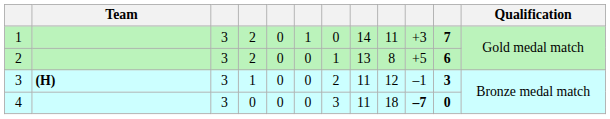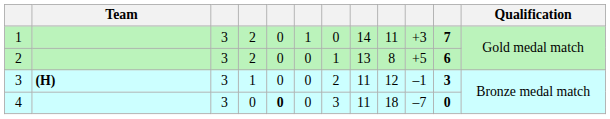 <table class="wikitable" style="font-size: 100%">
 <tr>
 <th width="25"></th>
 <th width="200">Team</th>
 <th width="25"></th>
 <th width="25"></th>
 <th width="25"></th>
 <th width="25"></th>
 <th width="25"></th>
 <th width="25"></th>
 <th width="25"></th>
 <th width="25"></th>
 <th width="25"></th>
 <th width="160">Qualification</th>
 </tr>
 <tr align=center bgcolor=#bbf3bb>
 <td>1</td>
 <td align=left></td>
 <td>3</td>
 <td>2</td>
 <td>0</td>
 <td>1</td>
 <td>0</td>
 <td>14</td>
 <td>11</td>
 <td>+3</td>
 <td><strong>7</strong></td>
 <td rowspan=2>Gold medal match</td>
 </tr>
 <tr align=center bgcolor=#bbf3bb>
 <td>2</td>
 <td align=left></td>
 <td>3</td>
 <td>2</td>
 <td>0</td>
 <td>0</td>
 <td>1</td>
 <td>13</td>
 <td>8</td>
 <td>+5</td>
 <td><strong>6</strong></td>
 </tr>
 <tr align=center bgcolor=#ccffff>
 <td>3</td>
 <td align=left> <strong>(H)</strong></td>
 <td>3</td>
 <td>1</td>
 <td>0</td>
 <td>0</td>
 <td>2</td>
 <td>11</td>
 <td>12</td>
 <td>–1</td>
 <td><strong>3</strong></td>
 <td rowspan=2>Bronze medal match</td>
 </tr>
 <tr align=center bgcolor=#ccffff>
 <td>4</td>
 <td align=left></td>
 <td>3</td>
 <td>0</td>
-<td>0</td>
+<td><strong>0</strong></td>
 <td>0</td>
 <td>3</td>
 <td>11</td>
 <td>18</td>
-<td><strong>–7</strong></td>
+<td>–7</td>
 <td><strong>0</strong></td>
 </tr>
 </table>
